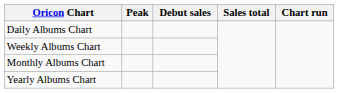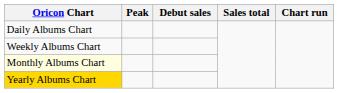 <table class="wikitable" style="width:500px;">
 <tr>
 <th><a href='#'>Oricon</a> Chart</th>
 <th>Peak</th>
 <th>Debut sales</th>
 <th>Sales total</th>
 <th>Chart run</th>
 </tr>
 <tr>
 <td>Daily Albums Chart</td>
 <td></td>
 <td></td>
 <td rowspan="4"></td>
 <td rowspan="4"></td>
 </tr>
 <tr>
 <td>Weekly Albums Chart</td>
 <td></td>
 <td></td>
 </tr>
 <tr>
-<td>Monthly Albums Chart</td>
+<td style="background: lightyellow;">Monthly Albums Chart</td>
 <td></td>
 <td></td>
 </tr>
 <tr>
-<td>Yearly Albums Chart</td>
+<td style="background: gold;">Yearly Albums Chart</td>
 <td></td>
 <td></td>
 </tr>
 </table>
